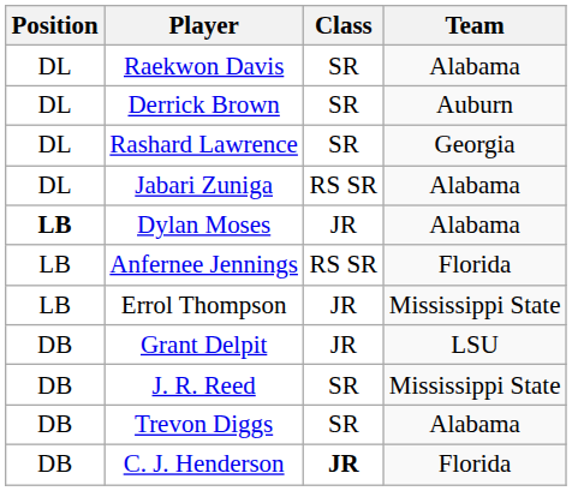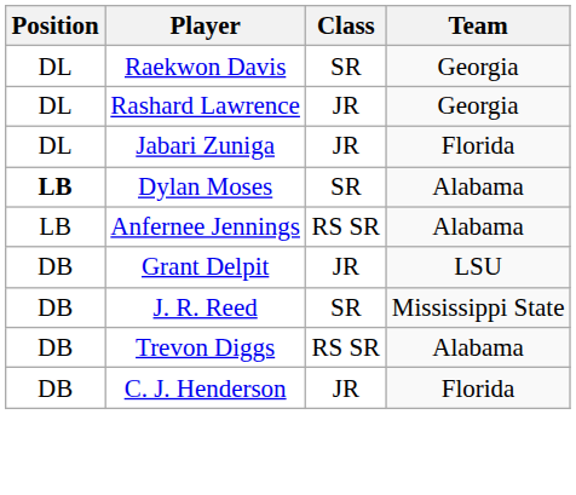 <table class="wikitable sortable">
 <tr>
 <th>Position</th>
 <th>Player</th>
 <th>Class</th>
 <th>Team</th>
 </tr>
 <tr style="text-align:center;">
 <td style="background:white">DL</td>
 <td style="background:white"><a href='#'>Raekwon Davis</a></td>
 <td style="background:white">SR</td>
-<td>Alabama</td>
-</tr>
-<tr style="text-align:center;">
-<td style="background:white">DL</td>
-<td style="background:white"><a href='#'>Derrick Brown</a></td>
-<td style="background:white">SR</td>
-<td>Auburn</td>
+<td>Georgia</td>
 </tr>
 <tr style="text-align:center;">
 <td style="background:white">DL</td>
 <td style="background:white"><a href='#'>Rashard Lawrence</a></td>
-<td style="background:white">SR</td>
+<td style="background:white">JR</td>
 <td>Georgia</td>
 </tr>
 <tr style="text-align:center;">
 <td style="background:white">DL</td>
 <td style="background:white"><a href='#'>Jabari Zuniga</a></td>
-<td style="background:white">RS SR</td>
-<td>Alabama</td>
+<td style="background:white">JR</td>
+<td>Florida</td>
 </tr>
 <tr style="text-align:center;">
 <td style="background:white"><strong>LB</strong></td>
 <td style="background:white"><a href='#'>Dylan Moses</a></td>
-<td style="background:white">JR</td>
+<td style="background:white">SR</td>
 <td>Alabama</td>
 </tr>
 <tr style="text-align:center;">
 <td style="background:white">LB</td>
 <td style="background:white"><a href='#'>Anfernee Jennings</a></td>
 <td style="background:white">RS SR</td>
-<td>Florida</td>
-</tr>
-<tr style="text-align:center;">
-<td style="background:white">LB</td>
-<td style="background:white">Errol Thompson</td>
-<td style="background:white">JR</td>
-<td>Mississippi State</td>
+<td>Alabama</td>
 </tr>
 <tr style="text-align:center;">
 <td style="background:white">DB</td>
 <td style="background:white"><a href='#'>Grant Delpit</a></td>
 <td style="background:white">JR</td>
 <td>LSU</td>
 </tr>
 <tr style="text-align:center;">
 <td style="background:white">DB</td>
 <td style="background:white"><a href='#'>J. R. Reed</a></td>
 <td style="background:white">SR</td>
 <td>Mississippi State</td>
 </tr>
 <tr style="text-align:center;">
 <td style="background:white">DB</td>
 <td style="background:white"><a href='#'>Trevon Diggs</a></td>
-<td style="background:white">SR</td>
+<td style="background:white">RS SR</td>
 <td>Alabama</td>
 </tr>
 <tr style="text-align:center;">
 <td style="background:white">DB</td>
 <td style="background:white"><a href='#'>C. J. Henderson</a></td>
-<td style="background:white"><strong>JR</strong></td>
+<td style="background:white">JR</td>
 <td>Florida</td>
 </tr>
 </table>
